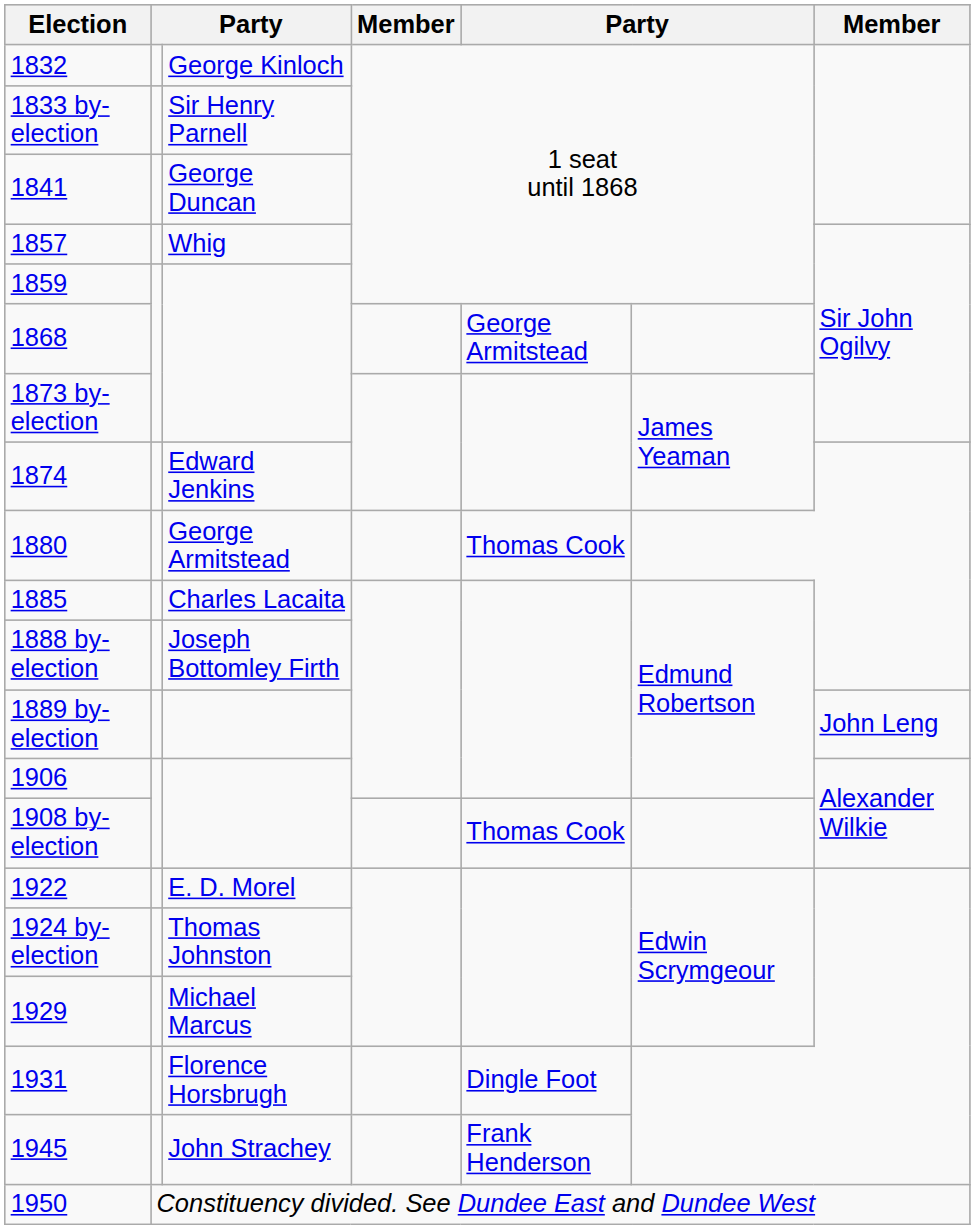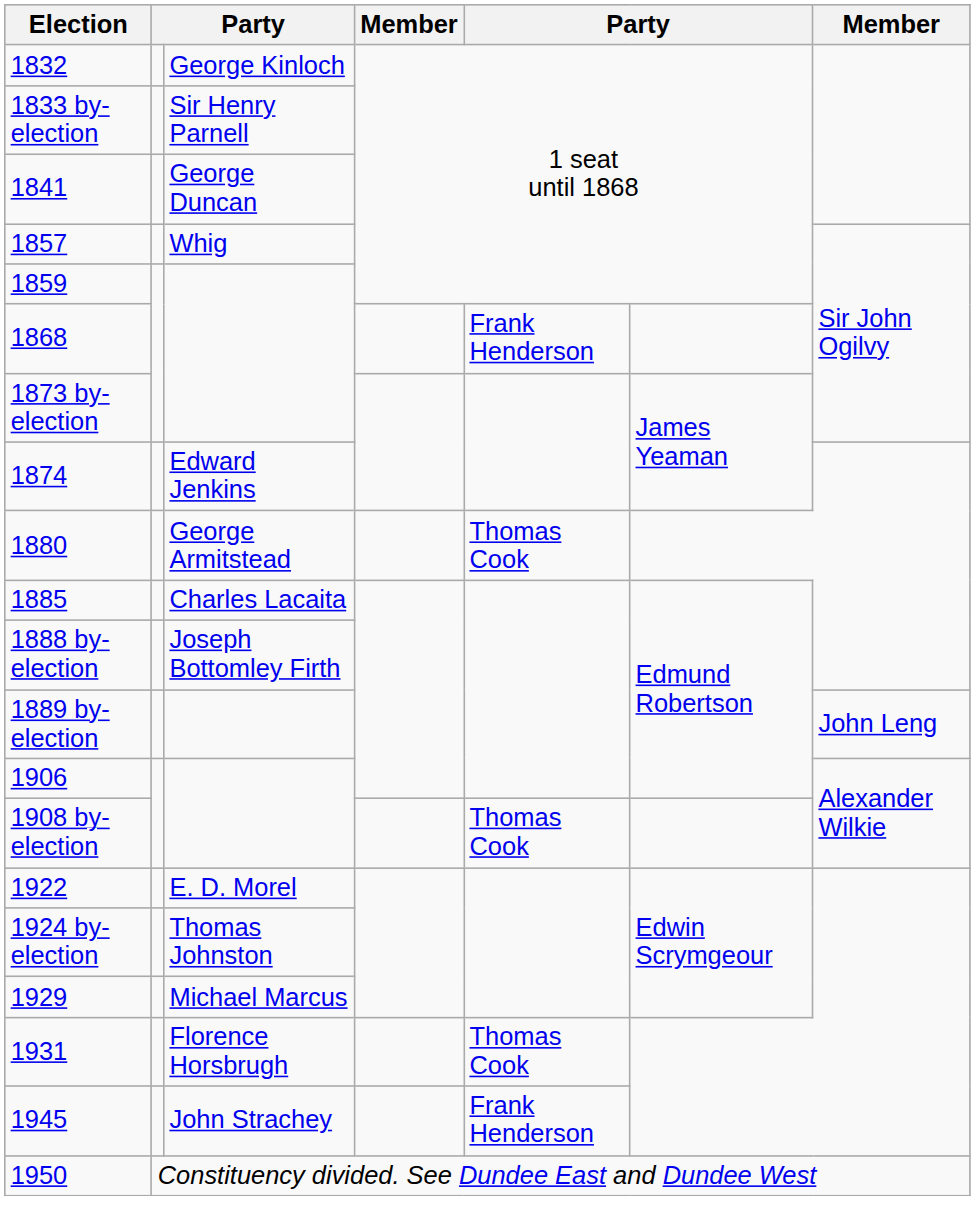 <table class="wikitable">
 <tr>
 <th>Election</th>
 <th colspan="2">Party</th>
 <th>Member</th>
 <th colspan="2">Party</th>
 <th>Member</th>
 </tr>
 <tr>
 <td><a href='#'>1832</a></td>
 <td></td>
 <td><a href='#'>George Kinloch</a></td>
 <td rowspan="5" colspan="3" align="center">1 seat<br>until 1868</td>
 </tr>
 <tr>
 <td><a href='#'>1833 by-election</a></td>
 <td></td>
 <td><a href='#'>Sir Henry Parnell</a></td>
 </tr>
 <tr>
 <td><a href='#'>1841</a></td>
 <td></td>
 <td><a href='#'>George Duncan</a></td>
 </tr>
 <tr>
 <td><a href='#'>1857</a></td>
 <td style="color:inherit;background-color: "></td>
 <td><a href='#'>Whig</a></td>
 <td rowspan="4"><a href='#'>Sir John Ogilvy</a></td>
 </tr>
 <tr>
 <td><a href='#'>1859</a></td>
 <td rowspan="3" style="color:inherit;background-color: "></td>
 <td rowspan="3"><a href='#'></a></td>
 </tr>
 <tr>
 <td><a href='#'>1868</a></td>
 <td></td>
-<td><a href='#'>George Armitstead</a></td>
+<td><a href='#'>Frank Henderson</a></td>
 </tr>
 <tr>
 <td><a href='#'>1873 by-election</a></td>
 <td rowspan="2" style="color:inherit;background-color: "></td>
 <td rowspan="2"><a href='#'></a></td>
 <td rowspan="2"><a href='#'>James Yeaman</a></td>
 </tr>
 <tr>
 <td><a href='#'>1874</a></td>
 <td></td>
 <td><a href='#'>Edward Jenkins</a></td>
 </tr>
 <tr>
 <td><a href='#'>1880</a></td>
 <td></td>
 <td><a href='#'>George Armitstead</a></td>
 <td></td>
 <td><a href='#'>Thomas Cook</a></td>
 </tr>
 <tr>
 <td><a href='#'>1885</a></td>
 <td></td>
 <td><a href='#'>Charles Lacaita</a></td>
 <td rowspan="4" style="color:inherit;background-color: "></td>
 <td rowspan="4"><a href='#'></a></td>
 <td rowspan="4"><a href='#'>Edmund Robertson</a></td>
 </tr>
 <tr>
 <td><a href='#'>1888 by-election</a></td>
 <td></td>
 <td><a href='#'>Joseph Bottomley Firth</a></td>
 </tr>
 <tr>
 <td><a href='#'>1889 by-election</a></td>
 <td style="color:inherit;background-color: "></td>
 <td><a href='#'></a></td>
 <td><a href='#'>John Leng</a></td>
 </tr>
 <tr>
 <td><a href='#'>1906</a></td>
 <td rowspan="2" style="color:inherit;background-color: "></td>
 <td rowspan="2"><a href='#'></a></td>
 <td rowspan="2"><a href='#'>Alexander Wilkie</a></td>
 </tr>
 <tr>
 <td><a href='#'>1908 by-election</a></td>
 <td></td>
 <td><a href='#'>Thomas Cook</a></td>
 </tr>
 <tr>
 <td><a href='#'>1922</a></td>
 <td></td>
 <td><a href='#'>E. D. Morel</a></td>
 <td rowspan="3" style="color:inherit;background-color: "></td>
 <td rowspan="3"><a href='#'></a></td>
 <td rowspan="3"><a href='#'>Edwin Scrymgeour</a></td>
 </tr>
 <tr>
 <td><a href='#'>1924 by-election</a></td>
 <td></td>
 <td><a href='#'>Thomas Johnston</a></td>
 </tr>
 <tr>
 <td><a href='#'>1929</a></td>
 <td></td>
 <td><a href='#'>Michael Marcus</a></td>
 </tr>
 <tr>
 <td><a href='#'>1931</a></td>
 <td></td>
 <td><a href='#'>Florence Horsbrugh</a></td>
 <td></td>
-<td><a href='#'>Dingle Foot</a></td>
+<td><a href='#'>Thomas Cook</a></td>
 </tr>
 <tr>
 <td><a href='#'>1945</a></td>
 <td></td>
 <td><a href='#'>John Strachey</a></td>
 <td></td>
 <td><a href='#'>Frank Henderson</a></td>
 </tr>
 <tr>
 <td><a href='#'>1950</a></td>
 <td colspan="6"><em>Constituency divided. See <a href='#'>Dundee East</a> and <a href='#'>Dundee West</a></em></td>
 </tr>
 </table>
